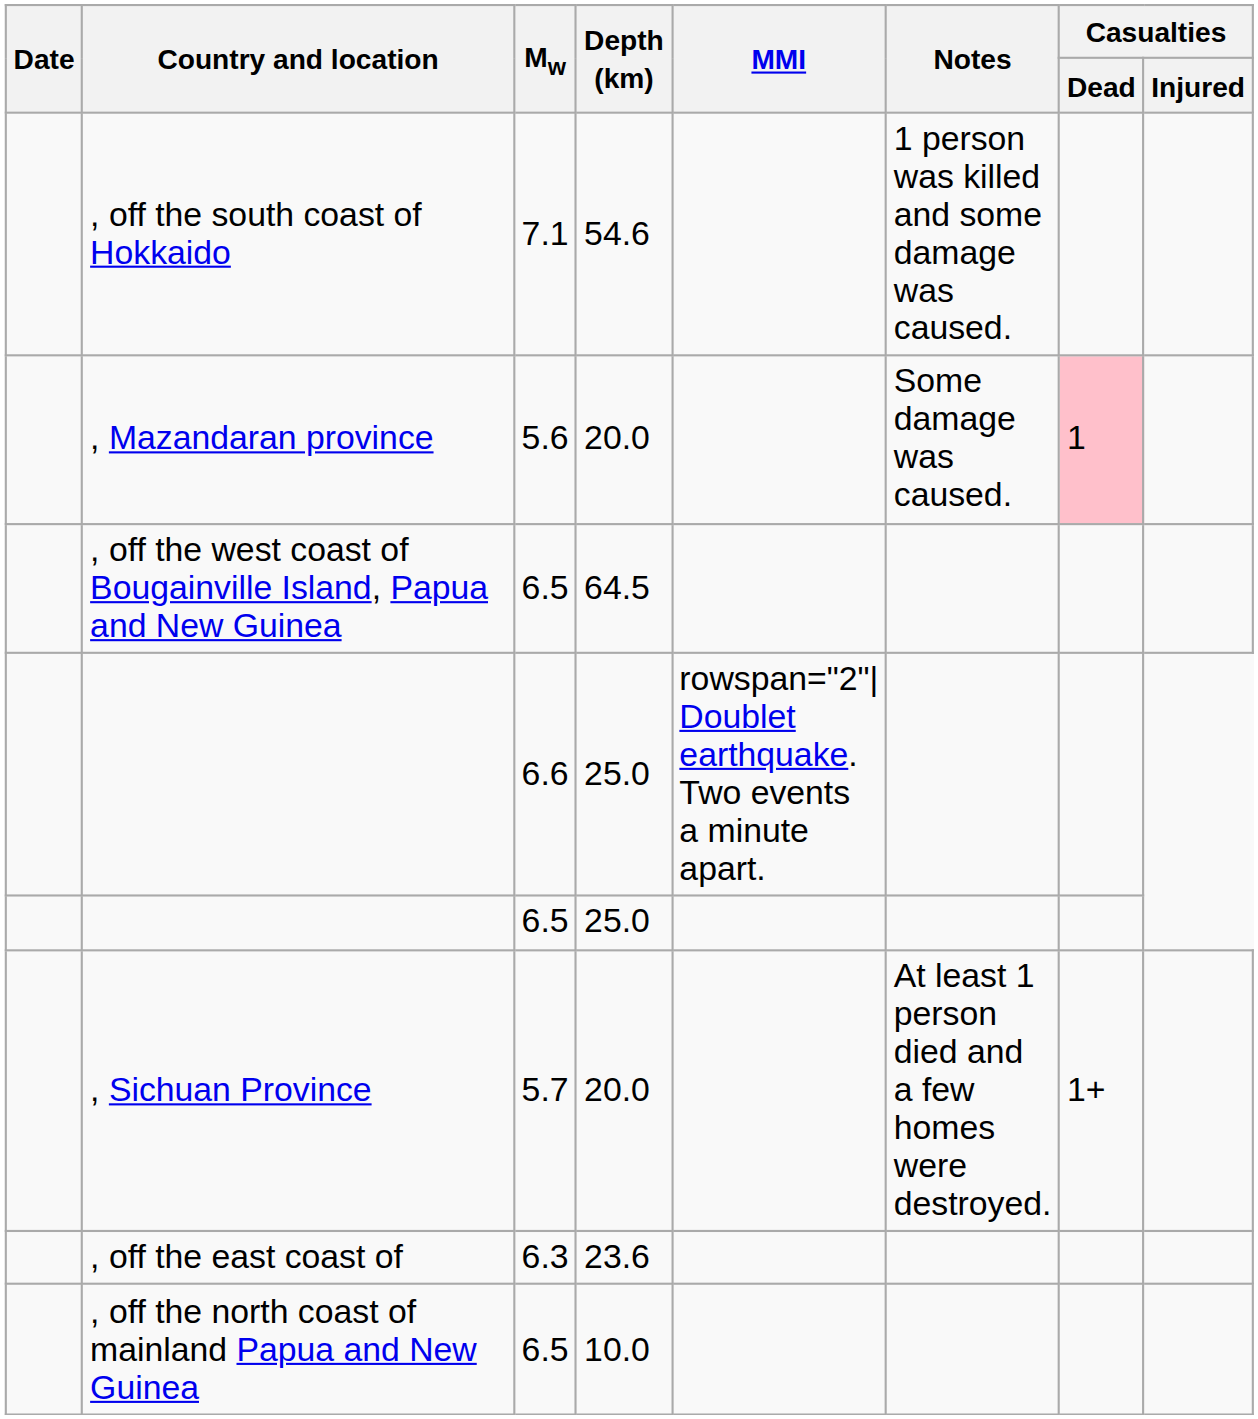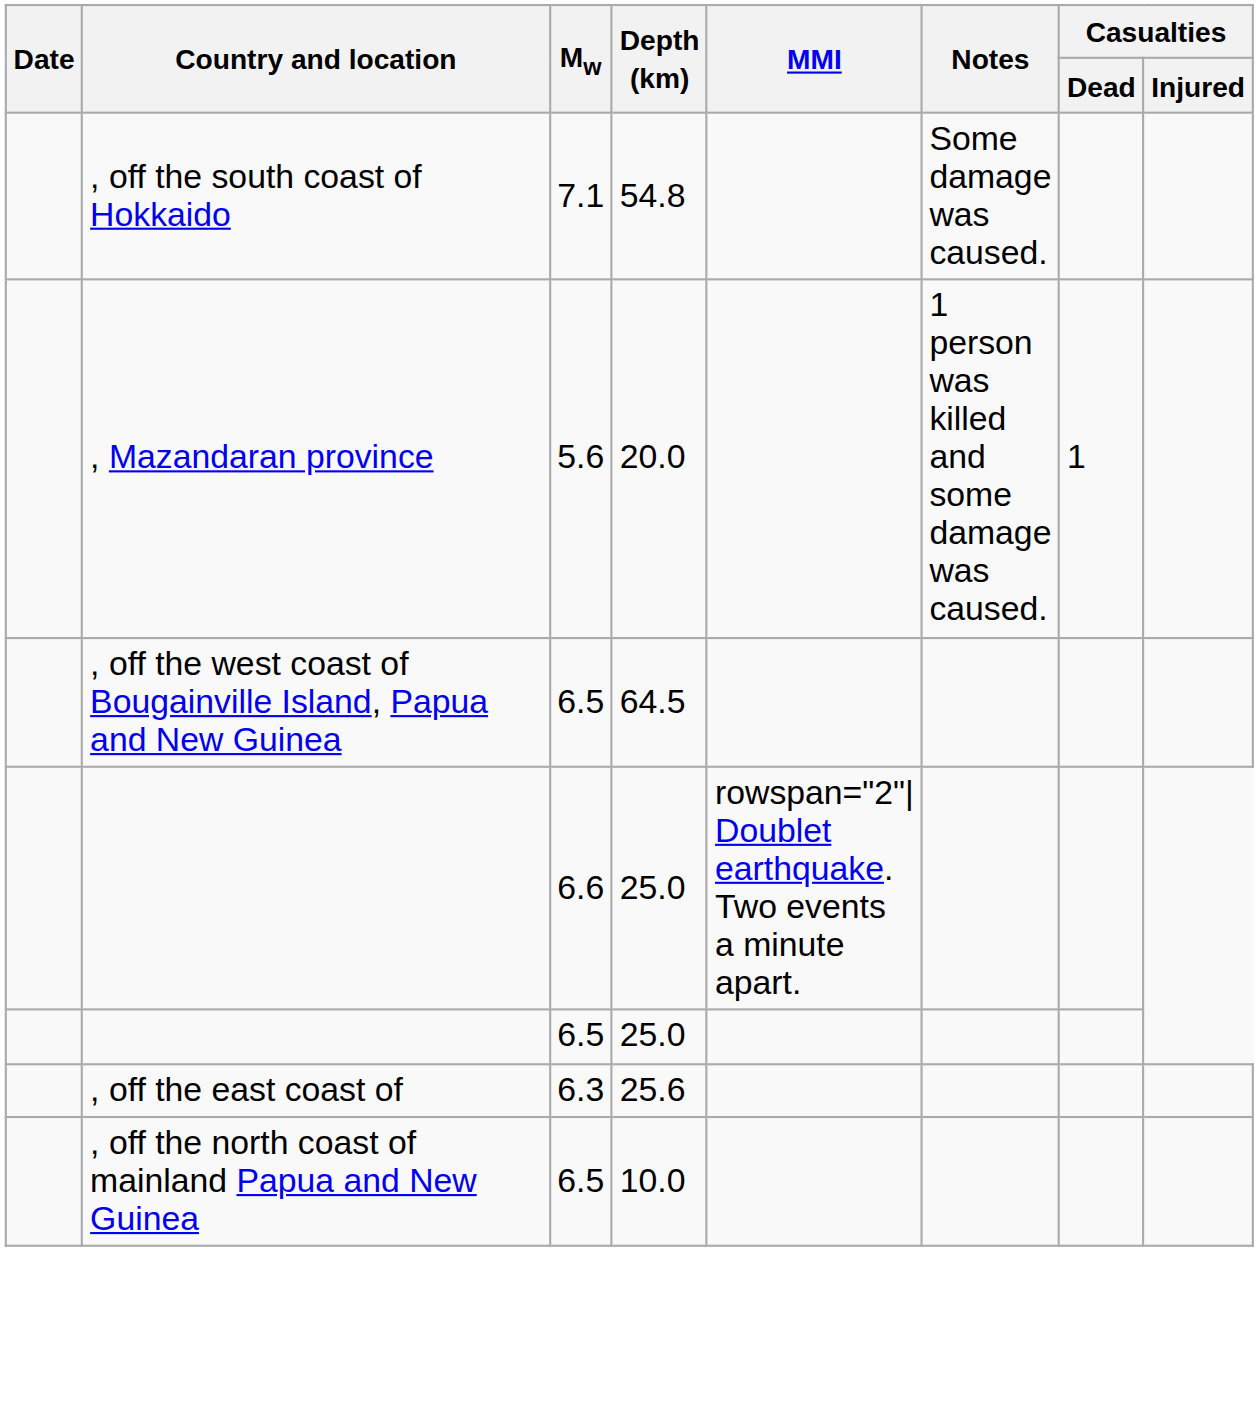 <table class="wikitable sortable sort-under" style="border:1px black; margin-left:1em;">
 <tr>
 <th rowspan="2"><small>Date</small></th>
 <th rowspan="2" style="width: 310px"><small>Country and location</small></th>
 <th rowspan="2"><small>M<sub>w</sub></small></th>
 <th rowspan="2"><small>Depth (km)</small></th>
 <th rowspan="2"><small><a href='#'>MMI</a></small></th>
 <th rowspan="2" class="unsortable"><small>Notes</small></th>
 <th colspan="2"><small>Casualties</small></th>
 </tr>
 <tr>
 <th><small>Dead</small></th>
 <th><small>Injured</small></th>
 </tr>
 <tr>
 <td></td>
 <td>, off the south coast of <a href='#'>Hokkaido</a></td>
 <td>7.1</td>
-<td>54.6</td>
+<td>54.8</td>
 <td></td>
-<td>1 person was killed and some damage was caused.</td>
+<td>Some damage was caused.</td>
 <td></td>
 <td></td>
 </tr>
 <tr>
 <td></td>
 <td>, <a href='#'>Mazandaran province</a></td>
 <td>5.6</td>
 <td>20.0</td>
 <td></td>
-<td>Some damage was caused.</td>
-<td style="background: pink;">1</td>
+<td>1 person was killed and some damage was caused.</td>
+<td>1</td>
 <td></td>
 </tr>
 <tr>
 <td></td>
 <td>, off the west coast of <a href='#'>Bougainville Island</a>, <a href='#'>Papua and New Guinea</a></td>
 <td>6.5</td>
 <td>64.5</td>
 <td></td>
 <td></td>
 <td></td>
 <td></td>
 </tr>
 <tr>
 <td></td>
 <td></td>
 <td>6.6</td>
 <td>25.0</td>
 <td>rowspan="2"| <a href='#'>Doublet earthquake</a>. Two events a minute apart.</td>
 <td></td>
 <td></td>
 </tr>
 <tr>
 <td></td>
 <td></td>
 <td>6.5</td>
 <td>25.0</td>
 <td></td>
 <td></td>
 <td></td>
 </tr>
 <tr>
 <td></td>
-<td>, <a href='#'>Sichuan Province</a></td>
-<td>5.7</td>
-<td>20.0</td>
-<td></td>
-<td>At least 1 person died and a few homes were destroyed.</td>
-<td>1+</td>
-<td></td>
-</tr>
-<tr>
-<td></td>
 <td>, off the east coast of</td>
 <td>6.3</td>
-<td>23.6</td>
+<td>25.6</td>
 <td></td>
 <td></td>
 <td></td>
 <td></td>
 </tr>
 <tr>
 <td></td>
 <td>, off the north coast of mainland <a href='#'>Papua and New Guinea</a></td>
 <td>6.5</td>
 <td>10.0</td>
 <td></td>
 <td></td>
 <td></td>
 <td></td>
 </tr>
 </table>
